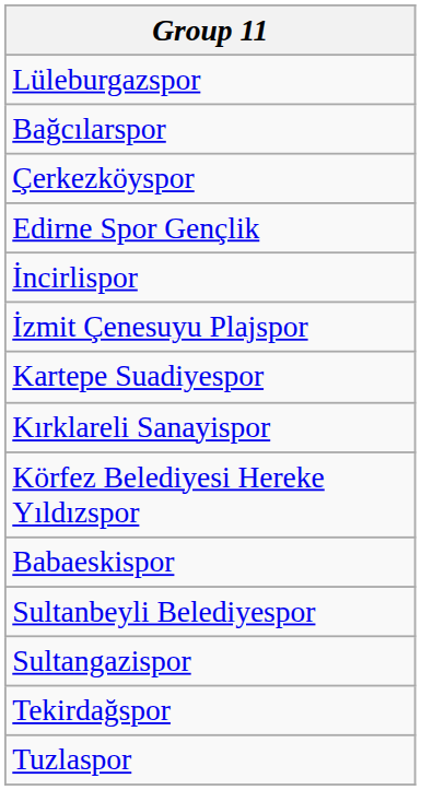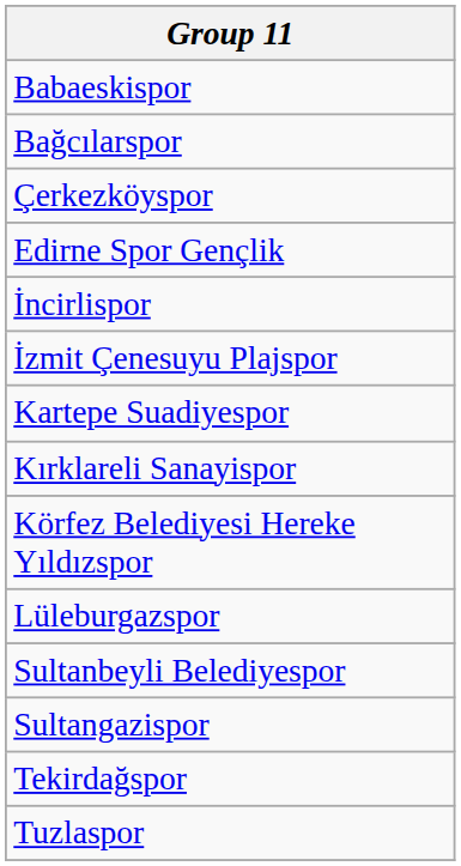 <table class="wikitable collapsible collapsed" style="font-size:95%;">
 <tr>
 <th colspan="1" width="200"><em>Group 11</em></th>
 </tr>
 <tr>
-<td><a href='#'>Lüleburgazspor</a></td>
+<td><a href='#'>Babaeskispor</a></td>
 </tr>
 <tr>
 <td><a href='#'>Bağcılarspor</a></td>
 </tr>
 <tr>
 <td><a href='#'>Çerkezköyspor</a></td>
 </tr>
 <tr>
 <td><a href='#'>Edirne Spor Gençlik</a></td>
 </tr>
 <tr>
 <td><a href='#'>İncirlispor</a></td>
 </tr>
 <tr>
 <td><a href='#'>İzmit Çenesuyu Plajspor</a></td>
 </tr>
 <tr>
 <td><a href='#'>Kartepe Suadiyespor</a></td>
 </tr>
 <tr>
 <td><a href='#'>Kırklareli Sanayispor</a></td>
 </tr>
 <tr>
 <td><a href='#'>Körfez Belediyesi Hereke Yıldızspor</a></td>
 </tr>
 <tr>
-<td><a href='#'>Babaeskispor</a></td>
+<td><a href='#'>Lüleburgazspor</a></td>
 </tr>
 <tr>
 <td><a href='#'>Sultanbeyli Belediyespor</a></td>
 </tr>
 <tr>
 <td><a href='#'>Sultangazispor</a></td>
 </tr>
 <tr>
 <td><a href='#'>Tekirdağspor</a></td>
 </tr>
 <tr>
 <td><a href='#'>Tuzlaspor</a></td>
 </tr>
 </table>
